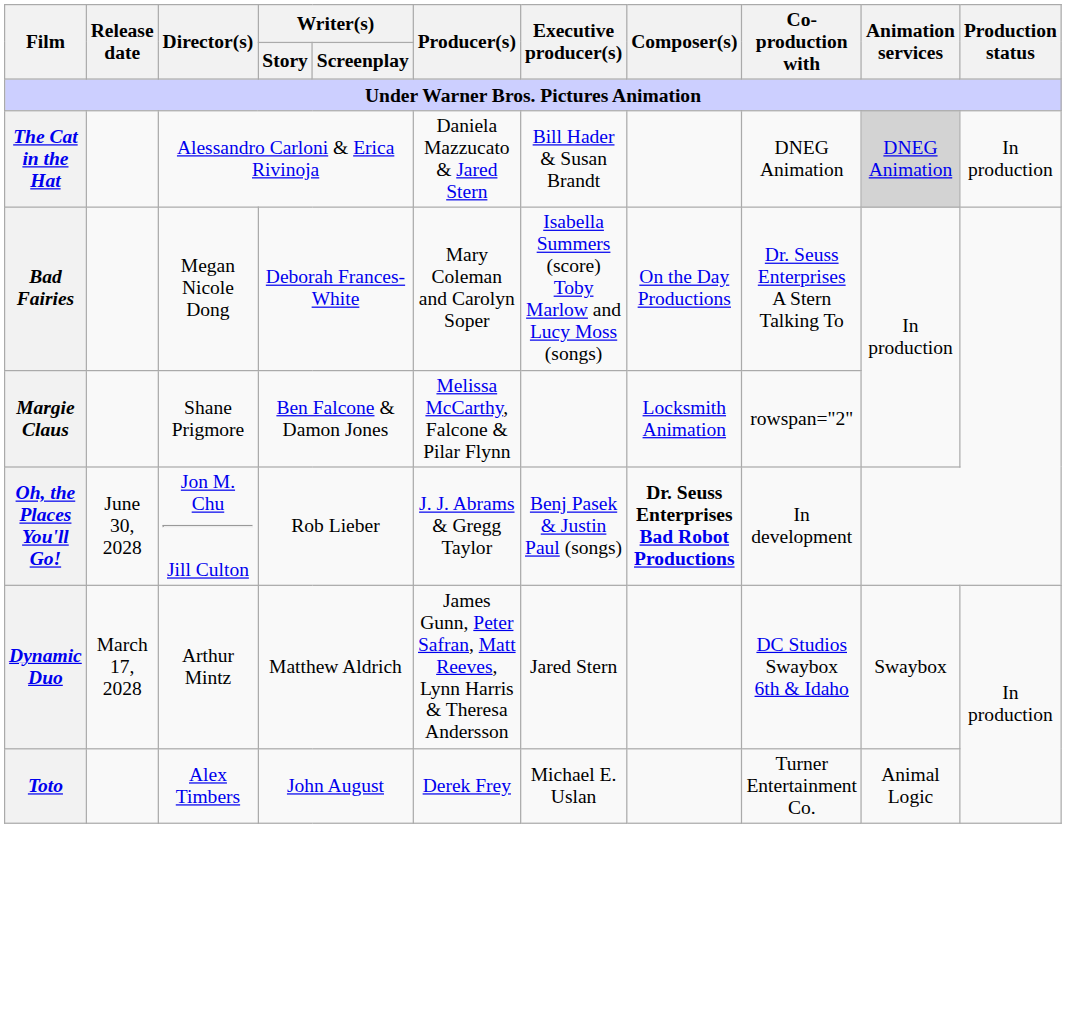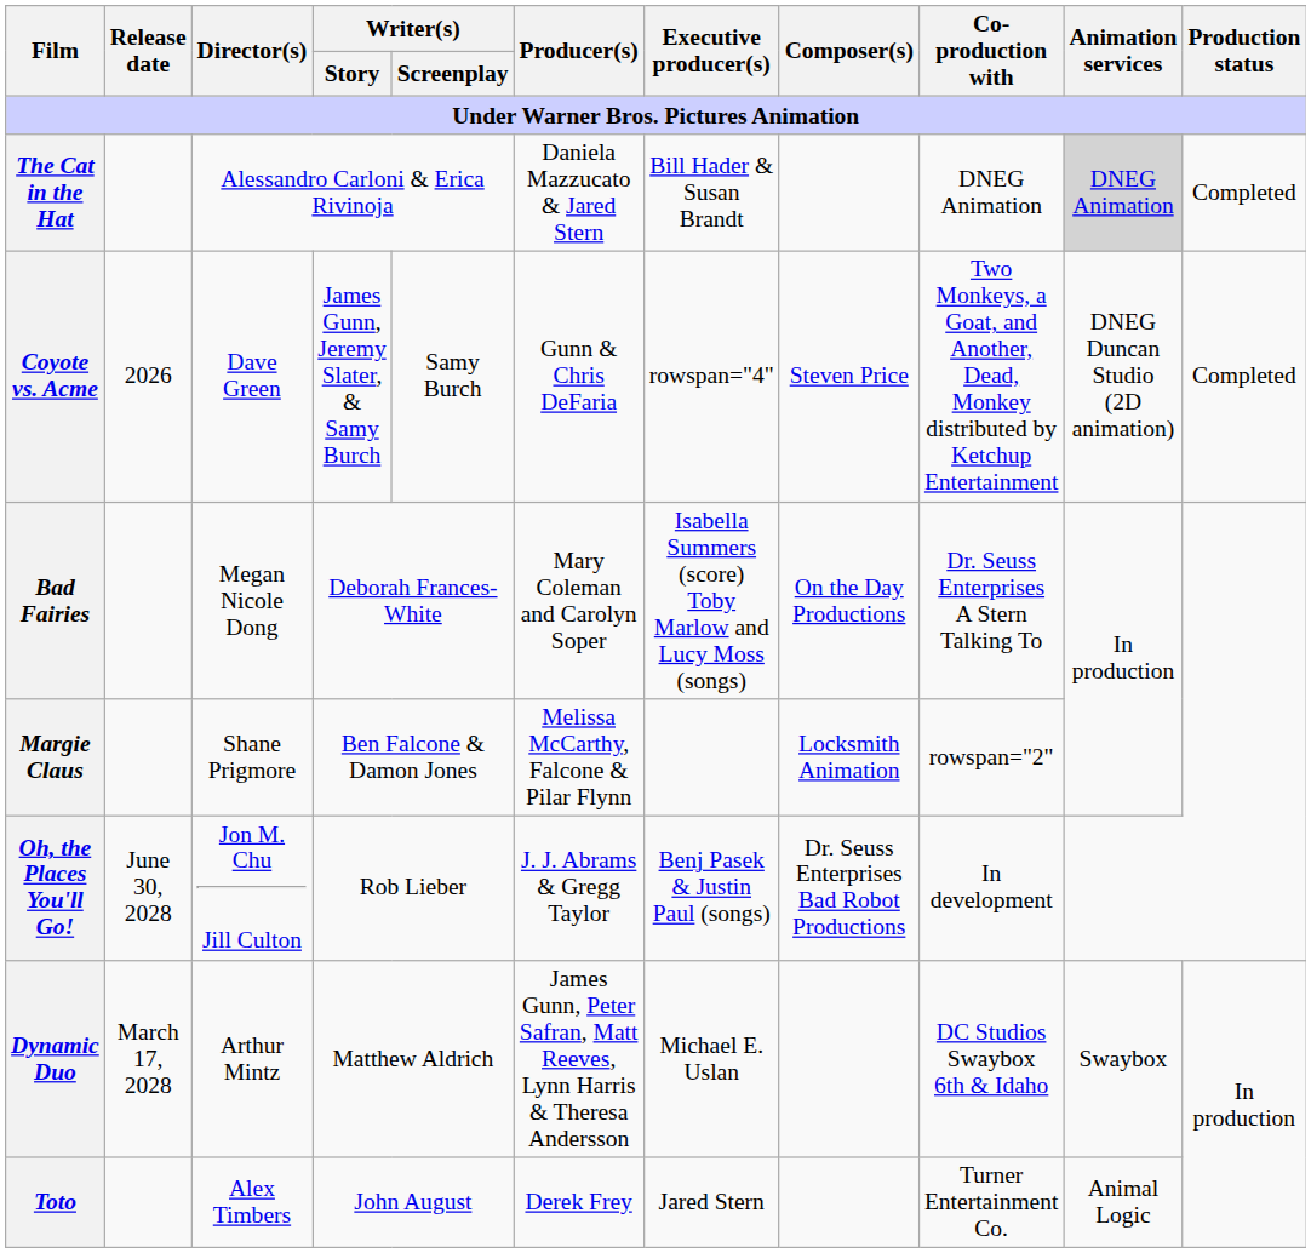 <table class="wikitable sortable plainrowheaders" style="text-align:center; margin=auto; width:100%;">
 <tr>
 <th scope="col" rowspan=2 width=15%>Film</th>
 <th scope="col" rowspan=2 width=12%>Release date</th>
 <th scope="col" rowspan=2 width=10%>Director(s)</th>
 <th scope="col" colspan=2 width=10%>Writer(s)</th>
 <th scope="col" rowspan=2 width=10%>Producer(s)</th>
 <th scope="col" rowspan=2 width=10%>Executive producer(s)</th>
 <th scope="col" rowspan=2 width=10%>Composer(s)</th>
 <th scope="col" rowspan=2 width=10%>Co-production with</th>
 <th scope="col" rowspan=2 width=10%>Animation services</th>
 <th scope="col" rowspan=2 width=10%>Production status</th>
 </tr>
 <tr>
 <th scope="col" width=10%>Story</th>
 <th scope="col" width=10%>Screenplay</th>
 </tr>
 <tr>
 <th colspan="11" style="background:#cccfff;">Under Warner Bros. Pictures Animation</th>
 </tr>
 <tr>
 <th scope="row"><em><a href='#'>The Cat in the Hat</a></em></th>
 <td></td>
 <td colspan="3"><a href='#'>Alessandro Carloni</a> & <a href='#'>Erica Rivinoja</a></td>
 <td>Daniela Mazzucato & <a href='#'>Jared Stern</a></td>
 <td><a href='#'>Bill Hader</a> & Susan Brandt</td>
 <td></td>
 <td>DNEG Animation</td>
 <td style="background: lightgrey;"><a href='#'>DNEG Animation</a></td>
-<td>In production</td>
+<td>Completed</td>
+</tr>
+<tr>
+<th scope="row"><em><a href='#'>Coyote vs. Acme</a></em></th>
+<td>2026</td>
+<td><a href='#'>Dave Green</a></td>
+<td><a href='#'>James Gunn</a>, <a href='#'>Jeremy Slater</a>, & <a href='#'>Samy Burch</a></td>
+<td>Samy Burch</td>
+<td>Gunn & <a href='#'>Chris DeFaria</a></td>
+<td>rowspan="4" </td>
+<td><a href='#'>Steven Price</a></td>
+<td><a href='#'>Two Monkeys, a Goat, and Another, Dead, Monkey</a><br>distributed by <a href='#'>Ketchup Entertainment</a></td>
+<td>DNEG<br>Duncan Studio<br>(2D animation)</td>
+<td>Completed</td>
 </tr>
 <tr>
 <th scope="row"><em>Bad Fairies</em></th>
 <td></td>
 <td>Megan Nicole Dong</td>
 <td colspan="2"><a href='#'>Deborah Frances-White</a></td>
 <td>Mary Coleman and Carolyn Soper</td>
 <td><a href='#'>Isabella Summers</a> (score)<br><a href='#'>Toby Marlow</a> and <a href='#'>Lucy Moss</a> (songs)</td>
 <td><a href='#'>On the Day Productions</a></td>
 <td><a href='#'>Dr. Seuss Enterprises</a><br>A Stern Talking To</td>
 <td rowspan="2">In production</td>
 </tr>
 <tr>
 <th scope="row"><em>Margie Claus</em></th>
 <td></td>
 <td>Shane Prigmore</td>
 <td colspan="2"><a href='#'>Ben Falcone</a> & Damon Jones</td>
 <td><a href='#'>Melissa McCarthy</a>, Falcone & Pilar Flynn</td>
 <td></td>
 <td><a href='#'>Locksmith Animation</a></td>
 <td>rowspan="2" </td>
 </tr>
 <tr>
 <th scope="row"><em><a href='#'>Oh, the Places You'll Go!</a></em></th>
 <td>June 30, 2028</td>
 <td><a href='#'>Jon M. Chu</a><hr><br><a href='#'>Jill Culton</a></td>
 <td colspan="2">Rob Lieber</td>
 <td><a href='#'>J. J. Abrams</a> & Gregg Taylor</td>
 <td><a href='#'>Benj Pasek & Justin Paul</a> (songs)</td>
-<td><strong>Dr. Seuss Enterprises<br><a href='#'>Bad Robot Productions</a></strong></td>
+<td>Dr. Seuss Enterprises<br><a href='#'>Bad Robot Productions</a></td>
 <td>In development</td>
 </tr>
 <tr>
 <th scope="row"><em><a href='#'>Dynamic Duo</a></em></th>
 <td>March 17, 2028</td>
 <td>Arthur Mintz</td>
 <td colspan="2">Matthew Aldrich</td>
 <td>James Gunn, <a href='#'>Peter Safran</a>, <a href='#'>Matt Reeves</a>, Lynn Harris & Theresa Andersson</td>
-<td>Jared Stern</td>
+<td>Michael E. Uslan</td>
 <td></td>
 <td><a href='#'>DC Studios</a><br>Swaybox<br><a href='#'>6th & Idaho</a></td>
 <td>Swaybox</td>
 <td rowspan="2">In production</td>
 </tr>
 <tr>
 <th scope="row"><em><a href='#'>Toto</a></em></th>
 <td></td>
 <td><a href='#'>Alex Timbers</a></td>
 <td colspan="2"><a href='#'>John August</a></td>
 <td><a href='#'>Derek Frey</a></td>
-<td>Michael E. Uslan</td>
+<td>Jared Stern</td>
 <td></td>
 <td align="center">Turner Entertainment Co.</td>
 <td align="center">Animal Logic</td>
 </tr>
 </table>
